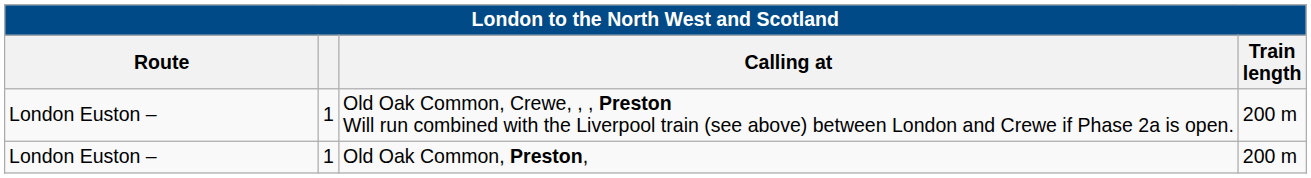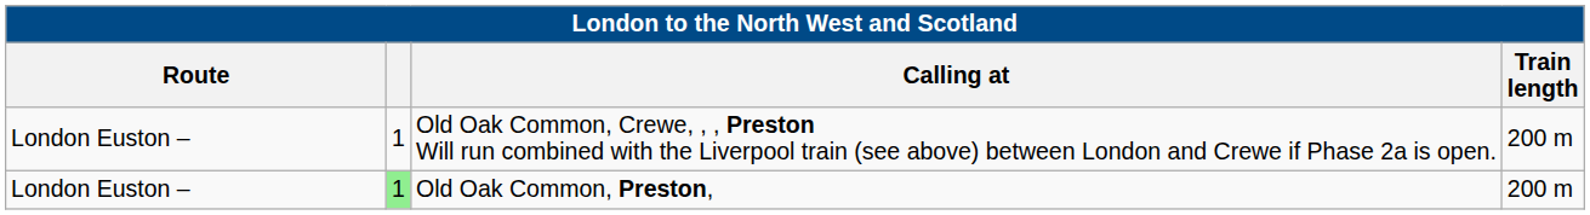 <table class="wikitable">
 <tr>
 <th colspan="4" style="background:#004a87; color:#FFFFFF">London to the North West and Scotland</th>
 </tr>
 <tr>
 <th width="250">Route</th>
 <th></th>
 <th>Calling at</th>
 <th>Train<br>length</th>
 </tr>
 <tr>
 <td>London Euston – </td>
 <td>1</td>
 <td>Old Oak Common, Crewe, , , <strong>Preston</strong><br>Will run combined with the Liverpool train (see above) between London and Crewe if Phase 2a is open.</td>
 <td>200 m</td>
 </tr>
 <tr>
 <td>London Euston – </td>
-<td>1</td>
+<td style="background: lightgreen;">1</td>
 <td>Old Oak Common, <strong>Preston</strong>, </td>
 <td>200 m</td>
 </tr>
 </table>
